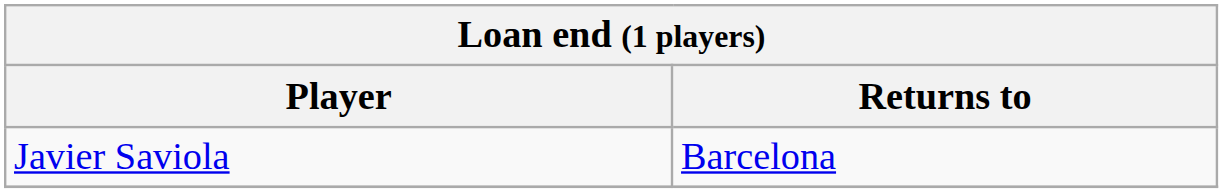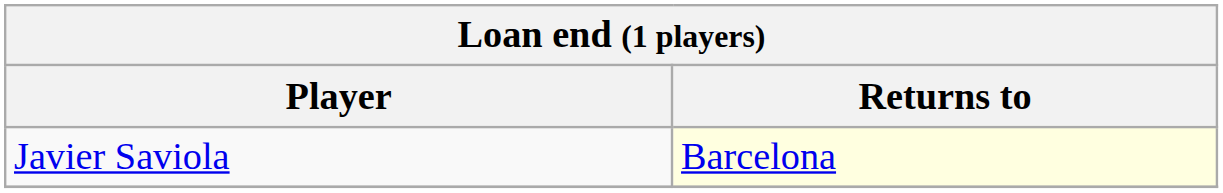 <table class="wikitable collapsible collapsed">
 <tr>
 <th colspan="2" width="500"> <strong>Loan end</strong> <small>(1 players)</small></th>
 </tr>
 <tr>
 <th>Player</th>
 <th>Returns to</th>
 </tr>
 <tr>
 <td> <a href='#'>Javier Saviola</a></td>
-<td> <a href='#'>Barcelona</a></td>
+<td style="background: lightyellow;"> <a href='#'>Barcelona</a></td>
 </tr>
 <tr>
 </tr>
 </table>
